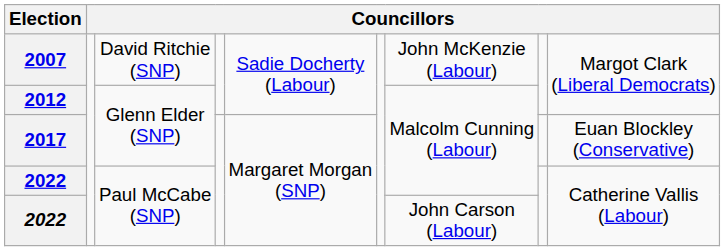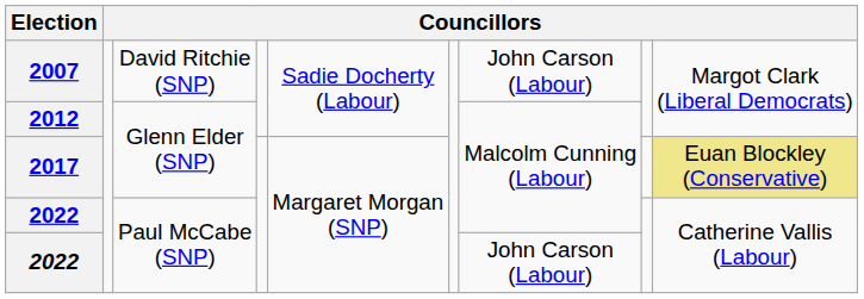 <table class="wikitable" style="text-align:center">
 <tr>
 <th>Election</th>
 <th colspan=10>Councillors</th>
 </tr>
 <tr>
 <th><a href='#'>2007</a></th>
 <td rowspan=5; style="background-color: "></td>
 <td rowspan=1>David Ritchie<br>(<a href='#'>SNP</a>)</td>
 <td rowspan=2; style="background-color: "></td>
 <td rowspan=2><a href='#'>Sadie Docherty</a><br>(<a href='#'>Labour</a>)</td>
 <td rowspan=5; style="background-color: "></td>
-<td rowspan=1>John McKenzie<br>(<a href='#'>Labour</a>)</td>
+<td>John Carson<br>(<a href='#'>Labour</a>)</td>
 <td rowspan=2; style="background-color: "></td>
 <td rowspan=2>Margot Clark<br>(<a href='#'>Liberal Democrats</a>)</td>
 </tr>
 <tr>
 <th><a href='#'>2012</a></th>
 <td rowspan=2>Glenn Elder<br>(<a href='#'>SNP</a>)</td>
 <td rowspan=3>Malcolm Cunning<br>(<a href='#'>Labour</a>)</td>
 </tr>
 <tr>
 <th><a href='#'>2017</a></th>
 <td rowspan=3; style="background-color: "></td>
 <td rowspan=3>Margaret Morgan<br>(<a href='#'>SNP</a>)</td>
 <td rowspan=1; style="background-color: "></td>
-<td rowspan=1>Euan Blockley<br>(<a href='#'>Conservative</a>)</td>
+<td rowspan=1 style="background: khaki;">Euan Blockley<br>(<a href='#'>Conservative</a>)</td>
 </tr>
 <tr>
 <th><a href='#'>2022</a></th>
 <td rowspan=2>Paul McCabe<br>(<a href='#'>SNP</a>)</td>
 <td rowspan=2; style="background-color: "></td>
 <td rowspan=2>Catherine Vallis<br>(<a href='#'>Labour</a>)</td>
 </tr>
 <tr>
 <th><em>2022</em></th>
 <td>John Carson<br>(<a href='#'>Labour</a>)</td>
 </tr>
 </table>
